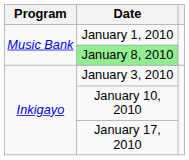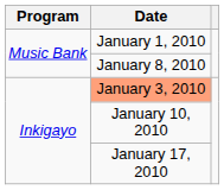 <table class="wikitable sortable" style="text-align:center;">
 <tr>
 <th>Program</th>
 <th style="width:120px;">Date</th>
 <th class="unsortable"></th>
 </tr>
 <tr>
 <td rowspan="2"><em><a href='#'>Music Bank</a></em></td>
 <td>January 1, 2010</td>
 <td rowspan="2"></td>
 </tr>
 <tr>
-<td style="background: lightgreen;">January 8, 2010</td>
+<td>January 8, 2010</td>
 </tr>
 <tr>
 <td rowspan="3"><em><a href='#'>Inkigayo</a></em></td>
-<td>January 3, 2010</td>
+<td style="background: lightsalmon;">January 3, 2010</td>
 <td rowspan="3"></td>
 </tr>
 <tr>
 <td>January 10, 2010</td>
 </tr>
 <tr>
 <td>January 17, 2010</td>
 </tr>
 </table>
